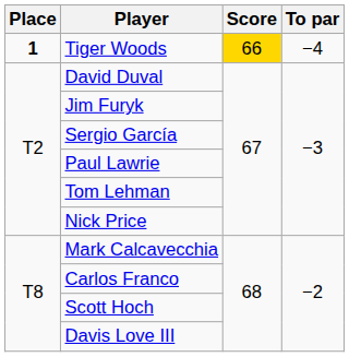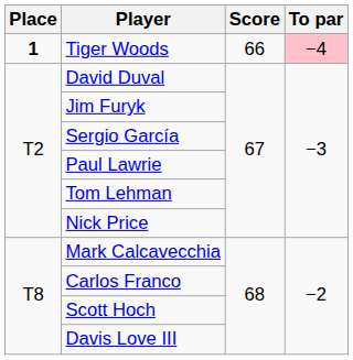 <table class="wikitable">
 <tr>
 <th>Place</th>
 <th>Player</th>
 <th>Score</th>
 <th>To par</th>
 </tr>
 <tr>
 <td align=center><strong>1</strong></td>
 <td> <a href='#'>Tiger Woods</a></td>
-<td align=center style="background: gold;">66</td>
-<td align=center>−4</td>
+<td align=center>66</td>
+<td align=center style="background: pink;">−4</td>
 </tr>
 <tr>
 <td rowspan="6" align=center>T2</td>
 <td> <a href='#'>David Duval</a></td>
 <td rowspan="6" align=center>67</td>
 <td rowspan="6" align=center>−3</td>
 </tr>
 <tr>
 <td> <a href='#'>Jim Furyk</a></td>
 </tr>
 <tr>
 <td> <a href='#'>Sergio García</a></td>
 </tr>
 <tr>
 <td> <a href='#'>Paul Lawrie</a></td>
 </tr>
 <tr>
 <td> <a href='#'>Tom Lehman</a></td>
 </tr>
 <tr>
 <td> <a href='#'>Nick Price</a></td>
 </tr>
 <tr>
 <td rowspan="4" align=center>T8</td>
 <td> <a href='#'>Mark Calcavecchia</a></td>
 <td rowspan="4" align=center>68</td>
 <td rowspan="4" align=center>−2</td>
 </tr>
 <tr>
 <td> <a href='#'>Carlos Franco</a></td>
 </tr>
 <tr>
 <td> <a href='#'>Scott Hoch</a></td>
 </tr>
 <tr>
 <td> <a href='#'>Davis Love III</a></td>
 </tr>
 </table>
